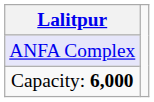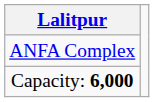 <table class="wikitable" style="text-align:center;margin:1em auto;">
 <tr>
 <th><a href='#'>Lalitpur</a></th>
 <td rowspan="4"></td>
 </tr>
 <tr>
-<td style="background: lavender;"><a href='#'>ANFA Complex</a></td>
+<td><a href='#'>ANFA Complex</a></td>
 </tr>
 <tr>
 <td>Capacity: <strong>6,000</strong></td>
 </tr>
 </table>
